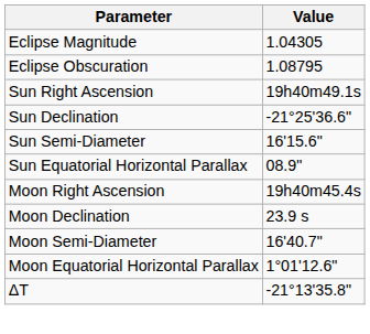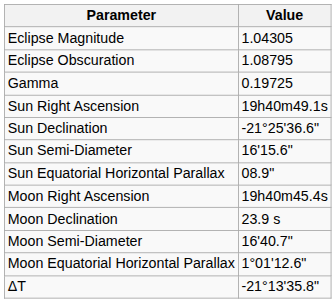 <table class="wikitable">
 <tr>
 <th>Parameter</th>
 <th>Value</th>
 </tr>
 <tr>
 <td>Eclipse Magnitude</td>
 <td>1.04305</td>
 </tr>
 <tr>
 <td>Eclipse Obscuration</td>
 <td>1.08795</td>
+</tr>
+<tr>
+<td>Gamma</td>
+<td>0.19725</td>
 </tr>
 <tr>
 <td>Sun Right Ascension</td>
 <td>19h40m49.1s</td>
 </tr>
 <tr>
 <td>Sun Declination</td>
 <td>-21°25'36.6"</td>
 </tr>
 <tr>
 <td>Sun Semi-Diameter</td>
 <td>16'15.6"</td>
 </tr>
 <tr>
 <td>Sun Equatorial Horizontal Parallax</td>
 <td>08.9"</td>
 </tr>
 <tr>
 <td>Moon Right Ascension</td>
 <td>19h40m45.4s</td>
 </tr>
 <tr>
 <td>Moon Declination</td>
 <td>23.9 s</td>
 </tr>
 <tr>
 <td>Moon Semi-Diameter</td>
 <td>16'40.7"</td>
 </tr>
 <tr>
 <td>Moon Equatorial Horizontal Parallax</td>
 <td>1°01'12.6"</td>
 </tr>
 <tr>
 <td>ΔT</td>
 <td>-21°13'35.8"</td>
 </tr>
 </table>
